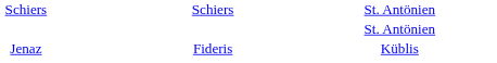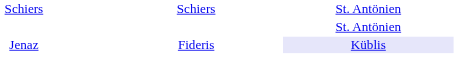 <table width="50%">
 <tr ---->
 <td width ="33%" align="center"><a href='#'>Schiers</a></td>
 <td width ="33%" align="center"><a href='#'>Schiers</a></td>
 <td width ="33%" align="center"><a href='#'>St. Antönien</a></td>
 </tr>
 <tr ---->
 <td width ="33%" align="center"></td>
 <td width ="33%" align="center"></td>
 <td width ="33%" align="center"><a href='#'>St. Antönien</a></td>
 </tr>
 <tr ---->
 <td width ="33%" align="center"><a href='#'>Jenaz</a></td>
 <td width ="33%" align="center"><a href='#'>Fideris</a></td>
-<td width ="33%" align="center"><a href='#'>Küblis</a></td>
+<td width ="33%" align="center" style="background: lavender;"><a href='#'>Küblis</a></td>
 </tr>
 </table>
